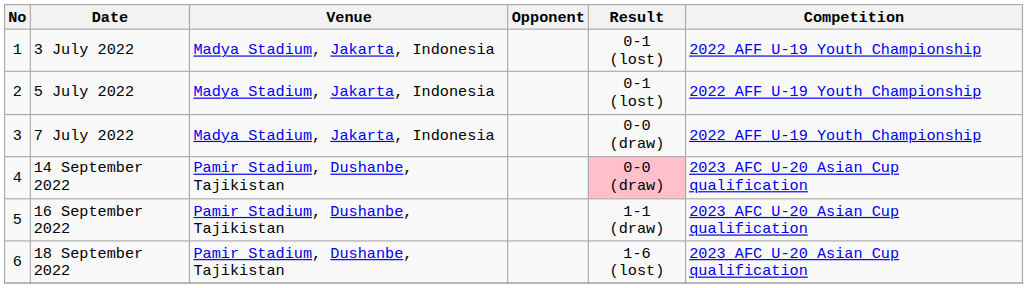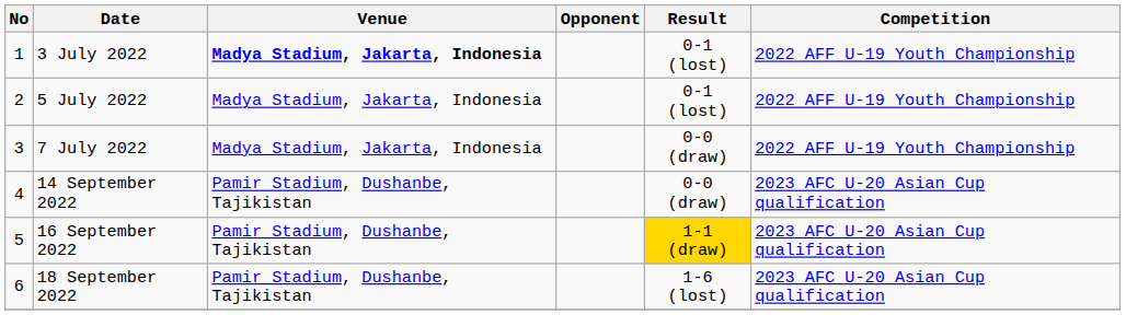 <table class="wikitable">
 <tr>
 <th>No</th>
 <th>Date</th>
 <th>Venue</th>
 <th>Opponent</th>
 <th>Result</th>
 <th>Competition</th>
 </tr>
 <tr>
 <td align=center>1</td>
 <td>3 July 2022</td>
-<td><a href='#'>Madya Stadium</a>, <a href='#'>Jakarta</a>, Indonesia</td>
+<td><strong><a href='#'>Madya Stadium</a>, <a href='#'>Jakarta</a>, Indonesia</strong></td>
 <td></td>
 <td align=center>0-1 (lost)</td>
 <td><a href='#'>2022 AFF U-19 Youth Championship</a></td>
 </tr>
 <tr>
 <td align=center>2</td>
 <td>5 July 2022</td>
 <td><a href='#'>Madya Stadium</a>, <a href='#'>Jakarta</a>, Indonesia</td>
 <td></td>
 <td align=center>0-1 (lost)</td>
 <td><a href='#'>2022 AFF U-19 Youth Championship</a></td>
 </tr>
 <tr>
 <td align=center>3</td>
 <td>7 July 2022</td>
 <td><a href='#'>Madya Stadium</a>, <a href='#'>Jakarta</a>, Indonesia</td>
 <td></td>
 <td align=center>0-0 (draw)</td>
 <td><a href='#'>2022 AFF U-19 Youth Championship</a></td>
 </tr>
 <tr>
 <td align=center>4</td>
 <td>14 September 2022</td>
 <td><a href='#'>Pamir Stadium</a>, <a href='#'>Dushanbe</a>, Tajikistan</td>
 <td></td>
-<td align=center style="background: pink;">0-0 (draw)</td>
+<td align=center>0-0 (draw)</td>
 <td><a href='#'>2023 AFC U-20 Asian Cup qualification</a></td>
 </tr>
 <tr>
 <td align=center>5</td>
 <td>16 September 2022</td>
 <td><a href='#'>Pamir Stadium</a>, <a href='#'>Dushanbe</a>, Tajikistan</td>
 <td></td>
-<td align=center>1-1 (draw)</td>
+<td align=center style="background: gold;">1-1 (draw)</td>
 <td><a href='#'>2023 AFC U-20 Asian Cup qualification</a></td>
 </tr>
 <tr>
 <td align=center>6</td>
 <td>18 September 2022</td>
 <td><a href='#'>Pamir Stadium</a>, <a href='#'>Dushanbe</a>, Tajikistan</td>
 <td></td>
 <td align=center>1-6 (lost)</td>
 <td><a href='#'>2023 AFC U-20 Asian Cup qualification</a></td>
 </tr>
 <tr>
 </tr>
 </table>
